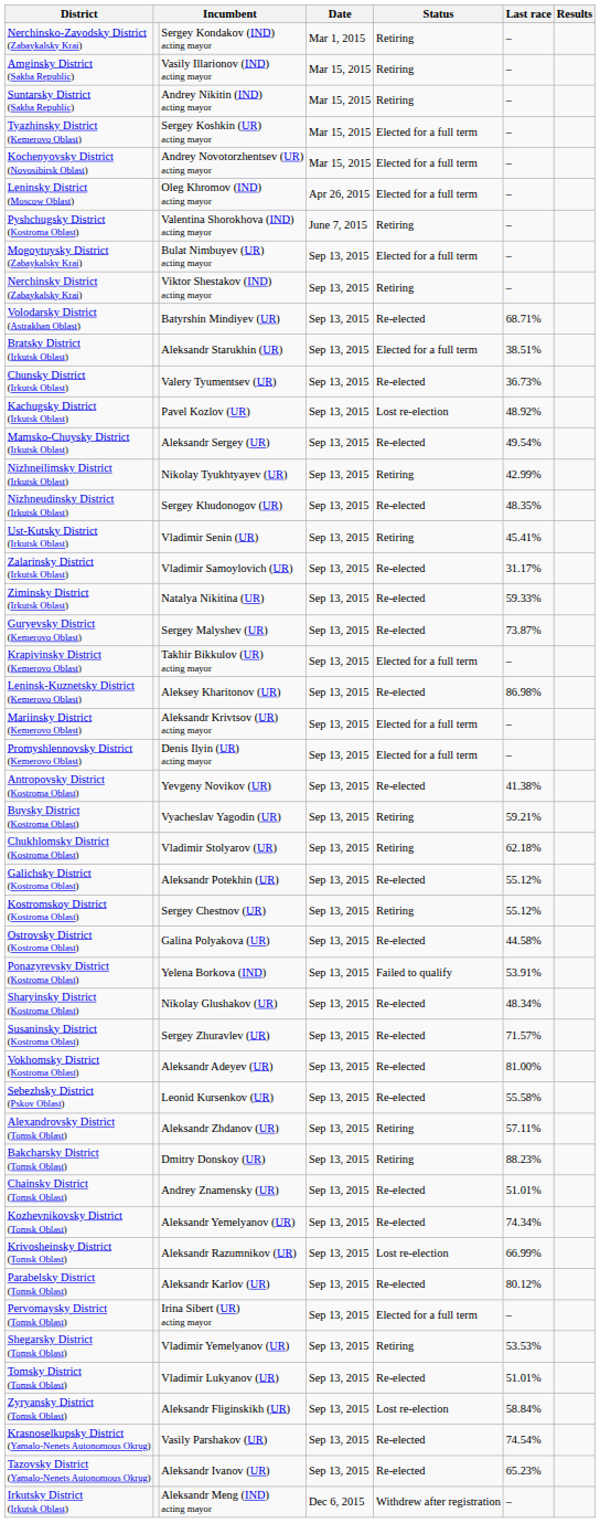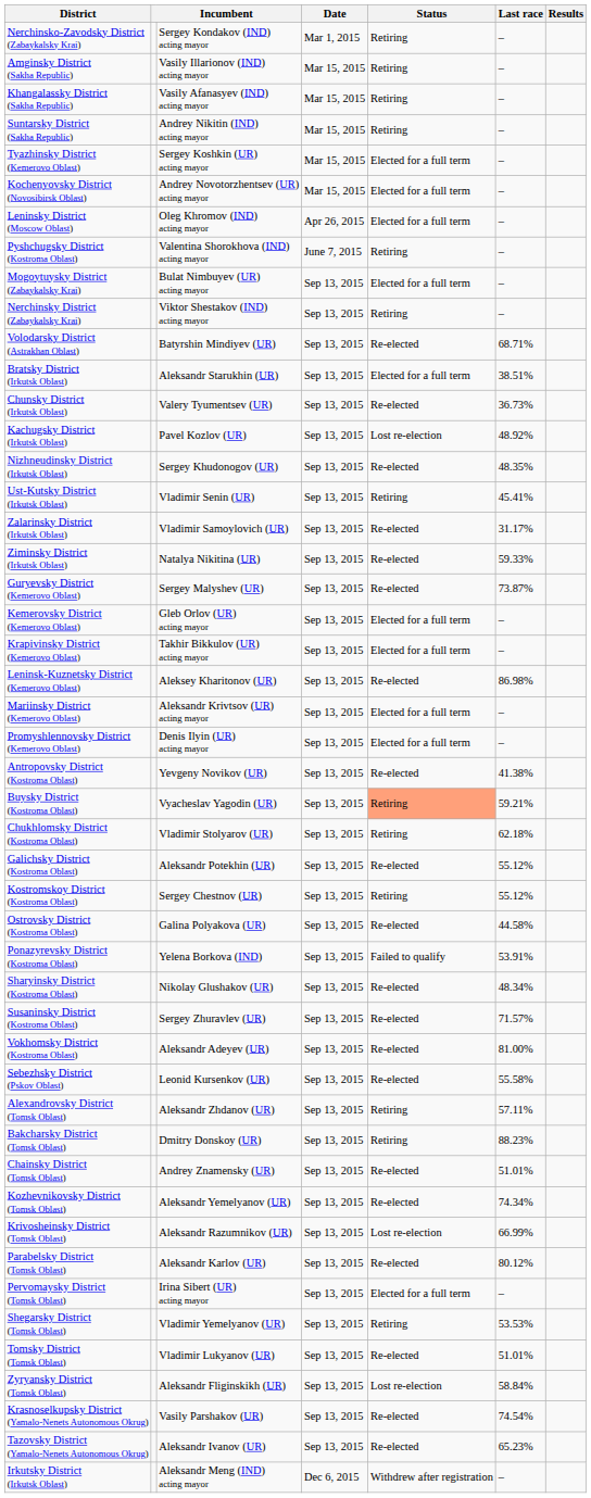 <table class="wikitable">
 <tr>
 <th>District</th>
 <th colspan=2>Incumbent</th>
 <th>Date</th>
 <th>Status</th>
 <th>Last race</th>
 <th>Results</th>
 </tr>
 <tr>
 <td><a href='#'>Nerchinsko-Zavodsky District</a><br><small>(<a href='#'>Zabaykalsky Krai</a>)</small></td>
 <td style="background-color:"></td>
 <td>Sergey Kondakov (<a href='#'>IND</a>)<br><small>acting mayor</small></td>
 <td>Mar 1, 2015</td>
 <td>Retiring</td>
 <td>–</td>
 <td nowrap></td>
 </tr>
 <tr>
 <td><a href='#'>Amginsky District</a><br><small>(<a href='#'>Sakha Republic</a>)</small></td>
 <td style="background-color:"></td>
 <td>Vasily Illarionov (<a href='#'>IND</a>)<br><small>acting mayor</small></td>
+<td>Mar 15, 2015</td>
+<td>Retiring</td>
+<td>–</td>
+<td nowrap></td>
+</tr>
+<tr>
+<td><a href='#'>Khangalassky District</a><br><small>(<a href='#'>Sakha Republic</a>)</small></td>
+<td style="background-color:"></td>
+<td>Vasily Afanasyev (<a href='#'>IND</a>)<br><small>acting mayor</small></td>
 <td>Mar 15, 2015</td>
 <td>Retiring</td>
 <td>–</td>
 <td nowrap></td>
 </tr>
 <tr>
 <td><a href='#'>Suntarsky District</a><br><small>(<a href='#'>Sakha Republic</a>)</small></td>
 <td style="background-color:"></td>
 <td>Andrey Nikitin (<a href='#'>IND</a>)<br><small>acting mayor</small></td>
 <td>Mar 15, 2015</td>
 <td>Retiring</td>
 <td>–</td>
 <td nowrap></td>
 </tr>
 <tr>
 <td><a href='#'>Tyazhinsky District</a><br><small>(<a href='#'>Kemerovo Oblast</a>)</small></td>
 <td style="background-color:"></td>
 <td>Sergey Koshkin (<a href='#'>UR</a>)<br><small>acting mayor</small></td>
 <td>Mar 15, 2015</td>
 <td>Elected for a full term</td>
 <td>–</td>
 <td nowrap></td>
 </tr>
 <tr>
 <td><a href='#'>Kochenyovsky District</a><br><small>(<a href='#'>Novosibirsk Oblast</a>)</small></td>
 <td style="background-color:"></td>
 <td>Andrey Novotorzhentsev (<a href='#'>UR</a>)<br><small>acting mayor</small></td>
 <td>Mar 15, 2015</td>
 <td>Elected for a full term</td>
 <td>–</td>
 <td nowrap></td>
 </tr>
 <tr>
 <td><a href='#'>Leninsky District</a><br><small>(<a href='#'>Moscow Oblast</a>)</small></td>
 <td style="background-color:"></td>
 <td>Oleg Khromov (<a href='#'>IND</a>)<br><small>acting mayor</small></td>
 <td>Apr 26, 2015</td>
 <td>Elected for a full term</td>
 <td>–</td>
 <td nowrap></td>
 </tr>
 <tr>
 <td><a href='#'>Pyshchugsky District</a><br><small>(<a href='#'>Kostroma Oblast</a>)</small></td>
 <td style="background-color:"></td>
 <td>Valentina Shorokhova (<a href='#'>IND</a>)<br><small>acting mayor</small></td>
 <td>June 7, 2015</td>
 <td>Retiring</td>
 <td>–</td>
 <td nowrap></td>
 </tr>
 <tr>
 <td><a href='#'>Mogoytuysky District</a><br><small>(<a href='#'>Zabaykalsky Krai</a>)</small></td>
 <td style="background-color:"></td>
 <td>Bulat Nimbuyev (<a href='#'>UR</a>)<br><small>acting mayor</small></td>
 <td>Sep 13, 2015</td>
 <td>Elected for a full term</td>
 <td>–</td>
 <td nowrap></td>
 </tr>
 <tr>
 <td><a href='#'>Nerchinsky District</a><br><small>(<a href='#'>Zabaykalsky Krai</a>)</small></td>
 <td style="background-color:"></td>
 <td>Viktor Shestakov (<a href='#'>IND</a>)<br><small>acting mayor</small></td>
 <td>Sep 13, 2015</td>
 <td>Retiring</td>
 <td>–</td>
 <td nowrap></td>
 </tr>
 <tr>
 <td><a href='#'>Volodarsky District</a><br><small>(<a href='#'>Astrakhan Oblast</a>)</small></td>
 <td style="background-color:"></td>
 <td>Batyrshin Mindiyev (<a href='#'>UR</a>)</td>
 <td>Sep 13, 2015</td>
 <td>Re-elected</td>
 <td>68.71%</td>
 <td nowrap></td>
 </tr>
 <tr>
 <td><a href='#'>Bratsky District</a><br><small>(<a href='#'>Irkutsk Oblast</a>)</small></td>
 <td style="background-color:"></td>
 <td>Aleksandr Starukhin (<a href='#'>UR</a>)</td>
 <td>Sep 13, 2015</td>
 <td>Elected for a full term</td>
 <td>38.51%</td>
 <td nowrap></td>
 </tr>
 <tr>
 <td><a href='#'>Chunsky District</a><br><small>(<a href='#'>Irkutsk Oblast</a>)</small></td>
 <td style="background-color:"></td>
 <td>Valery Tyumentsev (<a href='#'>UR</a>)</td>
 <td>Sep 13, 2015</td>
 <td>Re-elected</td>
 <td>36.73%</td>
 <td nowrap></td>
 </tr>
 <tr>
 <td><a href='#'>Kachugsky District</a><br><small>(<a href='#'>Irkutsk Oblast</a>)</small></td>
 <td style="background-color:"></td>
 <td>Pavel Kozlov (<a href='#'>UR</a>)</td>
 <td>Sep 13, 2015</td>
 <td>Lost re-election</td>
 <td>48.92%</td>
 <td nowrap></td>
 </tr>
 <tr>
-<td><a href='#'>Mamsko-Chuysky District</a><br><small>(<a href='#'>Irkutsk Oblast</a>)</small></td>
-<td style="background-color:"></td>
-<td>Aleksandr Sergey (<a href='#'>UR</a>)</td>
-<td>Sep 13, 2015</td>
-<td>Re-elected</td>
-<td>49.54%</td>
-<td nowrap></td>
-</tr>
-<tr>
-<td><a href='#'>Nizhneilimsky District</a><br><small>(<a href='#'>Irkutsk Oblast</a>)</small></td>
-<td style="background-color:"></td>
-<td>Nikolay Tyukhtyayev (<a href='#'>UR</a>)</td>
-<td>Sep 13, 2015</td>
-<td>Retiring</td>
-<td>42.99%</td>
-<td nowrap></td>
-</tr>
-<tr>
 <td><a href='#'>Nizhneudinsky District</a><br><small>(<a href='#'>Irkutsk Oblast</a>)</small></td>
 <td style="background-color:"></td>
 <td>Sergey Khudonogov (<a href='#'>UR</a>)</td>
 <td>Sep 13, 2015</td>
 <td>Re-elected</td>
 <td>48.35%</td>
 <td nowrap></td>
 </tr>
 <tr>
 <td><a href='#'>Ust-Kutsky District</a><br><small>(<a href='#'>Irkutsk Oblast</a>)</small></td>
 <td style="background-color:"></td>
 <td>Vladimir Senin (<a href='#'>UR</a>)</td>
 <td>Sep 13, 2015</td>
 <td>Retiring</td>
 <td>45.41%</td>
 <td nowrap></td>
 </tr>
 <tr>
 <td><a href='#'>Zalarinsky District</a><br><small>(<a href='#'>Irkutsk Oblast</a>)</small></td>
 <td style="background-color:"></td>
 <td>Vladimir Samoylovich (<a href='#'>UR</a>)</td>
 <td>Sep 13, 2015</td>
 <td>Re-elected</td>
 <td>31.17%</td>
 <td nowrap></td>
 </tr>
 <tr>
 <td><a href='#'>Ziminsky District</a><br><small>(<a href='#'>Irkutsk Oblast</a>)</small></td>
 <td style="background-color:"></td>
 <td>Natalya Nikitina (<a href='#'>UR</a>)</td>
 <td>Sep 13, 2015</td>
 <td>Re-elected</td>
 <td>59.33%</td>
 <td nowrap></td>
 </tr>
 <tr>
 <td><a href='#'>Guryevsky District</a><br><small>(<a href='#'>Kemerovo Oblast</a>)</small></td>
 <td style="background-color:"></td>
 <td>Sergey Malyshev (<a href='#'>UR</a>)</td>
 <td>Sep 13, 2015</td>
 <td>Re-elected</td>
 <td>73.87%</td>
+<td nowrap></td>
+</tr>
+<tr>
+<td><a href='#'>Kemerovsky District</a><br><small>(<a href='#'>Kemerovo Oblast</a>)</small></td>
+<td style="background-color:"></td>
+<td>Gleb Orlov (<a href='#'>UR</a>)<br><small>acting mayor</small></td>
+<td>Sep 13, 2015</td>
+<td>Elected for a full term</td>
+<td>–</td>
 <td nowrap></td>
 </tr>
 <tr>
 <td><a href='#'>Krapivinsky District</a><br><small>(<a href='#'>Kemerovo Oblast</a>)</small></td>
 <td style="background-color:"></td>
 <td>Takhir Bikkulov (<a href='#'>UR</a>)<br><small>acting mayor</small></td>
 <td>Sep 13, 2015</td>
 <td>Elected for a full term</td>
 <td>–</td>
 <td nowrap></td>
 </tr>
 <tr>
 <td><a href='#'>Leninsk-Kuznetsky District</a><br><small>(<a href='#'>Kemerovo Oblast</a>)</small></td>
 <td style="background-color:"></td>
 <td>Aleksey Kharitonov (<a href='#'>UR</a>)</td>
 <td>Sep 13, 2015</td>
 <td>Re-elected</td>
 <td>86.98%</td>
 <td nowrap></td>
 </tr>
 <tr>
 <td><a href='#'>Mariinsky District</a><br><small>(<a href='#'>Kemerovo Oblast</a>)</small></td>
 <td style="background-color:"></td>
 <td>Aleksandr Krivtsov (<a href='#'>UR</a>)<br><small>acting mayor</small></td>
 <td>Sep 13, 2015</td>
 <td>Elected for a full term</td>
 <td>–</td>
 <td nowrap></td>
 </tr>
 <tr>
 <td><a href='#'>Promyshlennovsky District</a><br><small>(<a href='#'>Kemerovo Oblast</a>)</small></td>
 <td style="background-color:"></td>
 <td>Denis Ilyin (<a href='#'>UR</a>)<br><small>acting mayor</small></td>
 <td>Sep 13, 2015</td>
 <td>Elected for a full term</td>
 <td>–</td>
 <td nowrap></td>
 </tr>
 <tr>
 <td><a href='#'>Antropovsky District</a><br><small>(<a href='#'>Kostroma Oblast</a>)</small></td>
 <td style="background-color:"></td>
 <td>Yevgeny Novikov (<a href='#'>UR</a>)</td>
 <td>Sep 13, 2015</td>
 <td>Re-elected</td>
 <td>41.38%</td>
 <td nowrap></td>
 </tr>
 <tr>
 <td><a href='#'>Buysky District</a><br><small>(<a href='#'>Kostroma Oblast</a>)</small></td>
 <td style="background-color:"></td>
 <td>Vyacheslav Yagodin (<a href='#'>UR</a>)</td>
 <td>Sep 13, 2015</td>
-<td>Retiring</td>
+<td style="background: lightsalmon;">Retiring</td>
 <td>59.21%</td>
 <td nowrap></td>
 </tr>
 <tr>
 <td><a href='#'>Chukhlomsky District</a><br><small>(<a href='#'>Kostroma Oblast</a>)</small></td>
 <td style="background-color:"></td>
 <td>Vladimir Stolyarov (<a href='#'>UR</a>)</td>
 <td>Sep 13, 2015</td>
 <td>Retiring</td>
 <td>62.18%</td>
 <td nowrap></td>
 </tr>
 <tr>
 <td><a href='#'>Galichsky District</a><br><small>(<a href='#'>Kostroma Oblast</a>)</small></td>
 <td style="background-color:"></td>
 <td>Aleksandr Potekhin (<a href='#'>UR</a>)</td>
 <td>Sep 13, 2015</td>
 <td>Re-elected</td>
 <td>55.12%</td>
 <td nowrap></td>
 </tr>
 <tr>
 <td><a href='#'>Kostromskoy District</a><br><small>(<a href='#'>Kostroma Oblast</a>)</small></td>
 <td style="background-color:"></td>
 <td>Sergey Chestnov (<a href='#'>UR</a>)</td>
 <td>Sep 13, 2015</td>
 <td>Retiring</td>
 <td>55.12%</td>
 <td nowrap></td>
 </tr>
 <tr>
 <td><a href='#'>Ostrovsky District</a><br><small>(<a href='#'>Kostroma Oblast</a>)</small></td>
 <td style="background-color:"></td>
 <td>Galina Polyakova (<a href='#'>UR</a>)</td>
 <td>Sep 13, 2015</td>
 <td>Re-elected</td>
 <td>44.58%</td>
 <td nowrap></td>
 </tr>
 <tr>
 <td><a href='#'>Ponazyrevsky District</a><br><small>(<a href='#'>Kostroma Oblast</a>)</small></td>
 <td style="background-color:"></td>
 <td>Yelena Borkova (<a href='#'>IND</a>)</td>
 <td>Sep 13, 2015</td>
 <td>Failed to qualify</td>
 <td>53.91%</td>
 <td nowrap></td>
 </tr>
 <tr>
 <td><a href='#'>Sharyinsky District</a><br><small>(<a href='#'>Kostroma Oblast</a>)</small></td>
 <td style="background-color:"></td>
 <td>Nikolay Glushakov (<a href='#'>UR</a>)</td>
 <td>Sep 13, 2015</td>
 <td>Re-elected</td>
 <td>48.34%</td>
 <td nowrap></td>
 </tr>
 <tr>
 <td><a href='#'>Susaninsky District</a><br><small>(<a href='#'>Kostroma Oblast</a>)</small></td>
 <td style="background-color:"></td>
 <td>Sergey Zhuravlev (<a href='#'>UR</a>)</td>
 <td>Sep 13, 2015</td>
 <td>Re-elected</td>
 <td>71.57%</td>
 <td nowrap></td>
 </tr>
 <tr>
 <td><a href='#'>Vokhomsky District</a><br><small>(<a href='#'>Kostroma Oblast</a>)</small></td>
 <td style="background-color:"></td>
 <td>Aleksandr Adeyev (<a href='#'>UR</a>)</td>
 <td>Sep 13, 2015</td>
 <td>Re-elected</td>
 <td>81.00%</td>
 <td nowrap></td>
 </tr>
 <tr>
 <td><a href='#'>Sebezhsky District</a><br><small>(<a href='#'>Pskov Oblast</a>)</small></td>
 <td style="background-color:"></td>
 <td>Leonid Kursenkov (<a href='#'>UR</a>)</td>
 <td>Sep 13, 2015</td>
 <td>Re-elected</td>
 <td>55.58%</td>
 <td nowrap></td>
 </tr>
 <tr>
 <td><a href='#'>Alexandrovsky District</a><br><small>(<a href='#'>Tomsk Oblast</a>)</small></td>
 <td style="background-color:"></td>
 <td>Aleksandr Zhdanov (<a href='#'>UR</a>)</td>
 <td>Sep 13, 2015</td>
 <td>Retiring</td>
 <td>57.11%</td>
 <td nowrap></td>
 </tr>
 <tr>
 <td><a href='#'>Bakcharsky District</a><br><small>(<a href='#'>Tomsk Oblast</a>)</small></td>
 <td style="background-color:"></td>
 <td>Dmitry Donskoy (<a href='#'>UR</a>)</td>
 <td>Sep 13, 2015</td>
 <td>Retiring</td>
 <td>88.23%</td>
 <td nowrap></td>
 </tr>
 <tr>
 <td><a href='#'>Chainsky District</a><br><small>(<a href='#'>Tomsk Oblast</a>)</small></td>
 <td style="background-color:"></td>
 <td>Andrey Znamensky (<a href='#'>UR</a>)</td>
 <td>Sep 13, 2015</td>
 <td>Re-elected</td>
 <td>51.01%</td>
 <td nowrap></td>
 </tr>
 <tr>
 <td><a href='#'>Kozhevnikovsky District</a><br><small>(<a href='#'>Tomsk Oblast</a>)</small></td>
 <td style="background-color:"></td>
 <td>Aleksandr Yemelyanov (<a href='#'>UR</a>)</td>
 <td>Sep 13, 2015</td>
 <td>Re-elected</td>
 <td>74.34%</td>
 <td nowrap></td>
 </tr>
 <tr>
 <td><a href='#'>Krivosheinsky District</a><br><small>(<a href='#'>Tomsk Oblast</a>)</small></td>
 <td style="background-color:"></td>
 <td>Aleksandr Razumnikov (<a href='#'>UR</a>)</td>
 <td>Sep 13, 2015</td>
 <td>Lost re-election</td>
 <td>66.99%</td>
 <td nowrap></td>
 </tr>
 <tr>
 <td><a href='#'>Parabelsky District</a><br><small>(<a href='#'>Tomsk Oblast</a>)</small></td>
 <td style="background-color:"></td>
 <td>Aleksandr Karlov (<a href='#'>UR</a>)</td>
 <td>Sep 13, 2015</td>
 <td>Re-elected</td>
 <td>80.12%</td>
 <td nowrap></td>
 </tr>
 <tr>
 <td><a href='#'>Pervomaysky District</a><br><small>(<a href='#'>Tomsk Oblast</a>)</small></td>
 <td style="background-color:"></td>
 <td>Irina Sibert (<a href='#'>UR</a>)<br><small>acting mayor</small></td>
 <td>Sep 13, 2015</td>
 <td>Elected for a full term</td>
 <td>–</td>
 <td nowrap></td>
 </tr>
 <tr>
 <td><a href='#'>Shegarsky District</a><br><small>(<a href='#'>Tomsk Oblast</a>)</small></td>
 <td style="background-color:"></td>
 <td>Vladimir Yemelyanov (<a href='#'>UR</a>)</td>
 <td>Sep 13, 2015</td>
 <td>Retiring</td>
 <td>53.53%</td>
 <td nowrap></td>
 </tr>
 <tr>
 <td><a href='#'>Tomsky District</a><br><small>(<a href='#'>Tomsk Oblast</a>)</small></td>
 <td style="background-color:"></td>
 <td>Vladimir Lukyanov (<a href='#'>UR</a>)</td>
 <td>Sep 13, 2015</td>
 <td>Re-elected</td>
 <td>51.01%</td>
 <td nowrap></td>
 </tr>
 <tr>
 <td><a href='#'>Zyryansky District</a><br><small>(<a href='#'>Tomsk Oblast</a>)</small></td>
 <td style="background-color:"></td>
 <td>Aleksandr Fliginskikh (<a href='#'>UR</a>)</td>
 <td>Sep 13, 2015</td>
 <td>Lost re-election</td>
 <td>58.84%</td>
 <td nowrap></td>
 </tr>
 <tr>
 <td><a href='#'>Krasnoselkupsky District</a><br><small>(<a href='#'>Yamalo-Nenets Autonomous Okrug</a>)</small></td>
 <td style="background-color:"></td>
 <td>Vasily Parshakov (<a href='#'>UR</a>)</td>
 <td>Sep 13, 2015</td>
 <td>Re-elected</td>
 <td>74.54%</td>
 <td nowrap></td>
 </tr>
 <tr>
 <td><a href='#'>Tazovsky District</a><br><small>(<a href='#'>Yamalo-Nenets Autonomous Okrug</a>)</small></td>
 <td style="background-color:"></td>
 <td>Aleksandr Ivanov (<a href='#'>UR</a>)</td>
 <td>Sep 13, 2015</td>
 <td>Re-elected</td>
 <td>65.23%</td>
 <td nowrap></td>
 </tr>
 <tr>
 <td><a href='#'>Irkutsky District</a><br><small>(<a href='#'>Irkutsk Oblast</a>)</small></td>
 <td style="background-color:"></td>
 <td>Aleksandr Meng (<a href='#'>IND</a>)<br><small>acting mayor</small></td>
 <td>Dec 6, 2015</td>
 <td>Withdrew after registration</td>
 <td>–</td>
 <td nowrap></td>
 </tr>
 </table>
